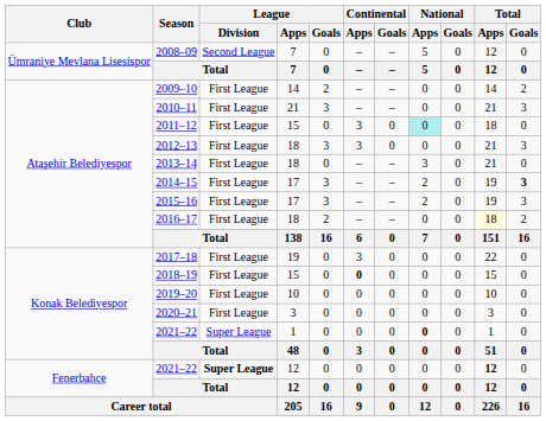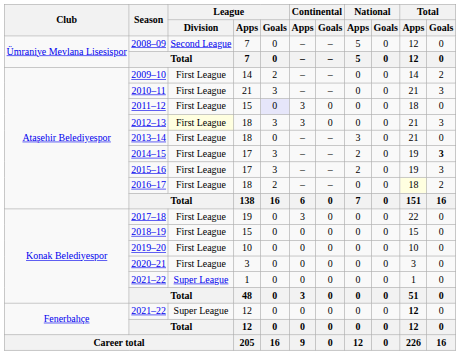 <table class="wikitable" style="text-align: center;">
 <tr>
 <th rowspan=2>Club</th>
 <th rowspan=2>Season</th>
 <th colspan=3>League</th>
 <th colspan=2>Continental</th>
 <th colspan=2>National</th>
 <th colspan=2>Total</th>
 </tr>
 <tr>
 <th>Division</th>
 <th>Apps</th>
 <th>Goals</th>
 <th>Apps</th>
 <th>Goals</th>
 <th>Apps</th>
 <th>Goals</th>
 <th>Apps</th>
 <th>Goals</th>
 </tr>
 <tr>
 <td rowspan=2><a href='#'>Ümraniye Mevlana Lisesispor</a></td>
 <td><a href='#'>2008–09</a></td>
 <td><a href='#'>Second League</a></td>
 <td>7</td>
 <td>0</td>
 <td>–</td>
 <td>–</td>
 <td>5</td>
 <td>0</td>
 <td>12</td>
 <td>0</td>
 </tr>
 <tr>
 <th colspan=2>Total</th>
 <th>7</th>
 <th>0</th>
 <th>–</th>
 <th>–</th>
 <th>5</th>
 <th>0</th>
 <th>12</th>
 <th>0</th>
 </tr>
 <tr>
 <td rowspan=9><a href='#'>Ataşehir Belediyespor</a></td>
 <td><a href='#'>2009–10</a></td>
 <td>First League</td>
 <td>14</td>
 <td>2</td>
 <td>–</td>
 <td>–</td>
 <td>0</td>
 <td>0</td>
 <td>14</td>
 <td>2</td>
 </tr>
 <tr>
 <td><a href='#'>2010–11</a></td>
 <td>First League</td>
 <td>21</td>
 <td>3</td>
 <td>–</td>
 <td>–</td>
 <td>0</td>
 <td>0</td>
 <td>21</td>
 <td>3</td>
 </tr>
 <tr>
 <td><a href='#'>2011–12</a></td>
 <td>First League</td>
 <td>15</td>
-<td>0</td>
+<td style="background: lavender;">0</td>
 <td>3</td>
 <td>0</td>
-<td style="background: paleturquoise;">0</td>
+<td>0</td>
 <td>0</td>
 <td>18</td>
 <td>0</td>
 </tr>
 <tr>
 <td><a href='#'>2012–13</a></td>
-<td>First League</td>
+<td style="background: lightyellow;">First League</td>
 <td>18</td>
 <td>3</td>
 <td>3</td>
 <td>0</td>
 <td>0</td>
 <td>0</td>
 <td>21</td>
 <td>3</td>
 </tr>
 <tr>
 <td><a href='#'>2013–14</a></td>
 <td>First League</td>
 <td>18</td>
 <td>0</td>
 <td>–</td>
 <td>–</td>
 <td>3</td>
 <td>0</td>
 <td>21</td>
 <td>0</td>
 </tr>
 <tr>
 <td><a href='#'>2014–15</a></td>
 <td>First League</td>
 <td>17</td>
 <td>3</td>
 <td>–</td>
 <td>–</td>
 <td>2</td>
 <td>0</td>
 <td>19</td>
 <td><strong>3</strong></td>
 </tr>
 <tr>
 <td><a href='#'>2015–16</a></td>
 <td>First League</td>
 <td>17</td>
 <td>3</td>
 <td>–</td>
 <td>–</td>
 <td>2</td>
 <td>0</td>
 <td>19</td>
 <td>3</td>
 </tr>
 <tr>
 <td><a href='#'>2016–17</a></td>
 <td>First League</td>
 <td>18</td>
 <td>2</td>
 <td>–</td>
 <td>–</td>
 <td>0</td>
 <td>0</td>
 <td style="background: lightyellow;">18</td>
 <td>2</td>
 </tr>
 <tr>
 <th colspan=2>Total</th>
 <th>138</th>
 <th>16</th>
 <th>6</th>
 <th>0</th>
 <th>7</th>
 <th>0</th>
 <th>151</th>
 <th>16</th>
 </tr>
 <tr>
 <td rowspan=6><a href='#'>Konak Belediyespor</a></td>
 <td><a href='#'>2017–18</a></td>
 <td>First League</td>
 <td>19</td>
 <td>0</td>
 <td>3</td>
 <td>0</td>
 <td>0</td>
 <td>0</td>
 <td>22</td>
 <td>0</td>
 </tr>
 <tr>
 <td><a href='#'>2018–19</a></td>
 <td>First League</td>
 <td>15</td>
 <td>0</td>
-<td><strong>0</strong></td>
+<td>0</td>
 <td>0</td>
 <td>0</td>
 <td>0</td>
 <td>15</td>
 <td>0</td>
 </tr>
 <tr>
 <td><a href='#'>2019–20</a></td>
 <td>First League</td>
 <td>10</td>
 <td>0</td>
 <td>0</td>
 <td>0</td>
 <td>0</td>
 <td>0</td>
 <td>10</td>
 <td>0</td>
 </tr>
 <tr>
 <td><a href='#'>2020–21</a></td>
 <td>First League</td>
 <td>3</td>
 <td>0</td>
 <td>0</td>
 <td>0</td>
 <td>0</td>
 <td>0</td>
 <td>3</td>
 <td>0</td>
 </tr>
 <tr>
 <td><a href='#'>2021–22</a></td>
 <td><a href='#'>Super League</a></td>
 <td>1</td>
 <td>0</td>
 <td>0</td>
 <td>0</td>
-<td><strong>0</strong></td>
+<td>0</td>
 <td>0</td>
 <td>1</td>
 <td>0</td>
 </tr>
 <tr>
 <th colspan="2">Total</th>
 <th>48</th>
 <th>0</th>
 <th>3</th>
 <th>0</th>
 <th>0</th>
 <th>0</th>
 <th>51</th>
 <th>0</th>
 </tr>
 <tr>
 <td rowspan=2><a href='#'>Fenerbahçe</a></td>
 <td><a href='#'>2021–22</a></td>
-<td><strong>Super League</strong></td>
+<td>Super League</td>
 <td>12</td>
 <td>0</td>
 <td>0</td>
 <td>0</td>
 <td>0</td>
 <td>0</td>
 <td><strong>12</strong></td>
 <td>0</td>
 </tr>
 <tr>
 <th colspan=2>Total</th>
 <th>12</th>
 <th>0</th>
 <th>0</th>
 <th>0</th>
 <th>0</th>
 <th>0</th>
 <th>12</th>
 <th>0</th>
 </tr>
 <tr>
 <th colspan=3>Career total</th>
 <th>205</th>
 <th>16</th>
 <th>9</th>
 <th>0</th>
 <th>12</th>
 <th>0</th>
 <th>226</th>
 <th>16</th>
 </tr>
 </table>
